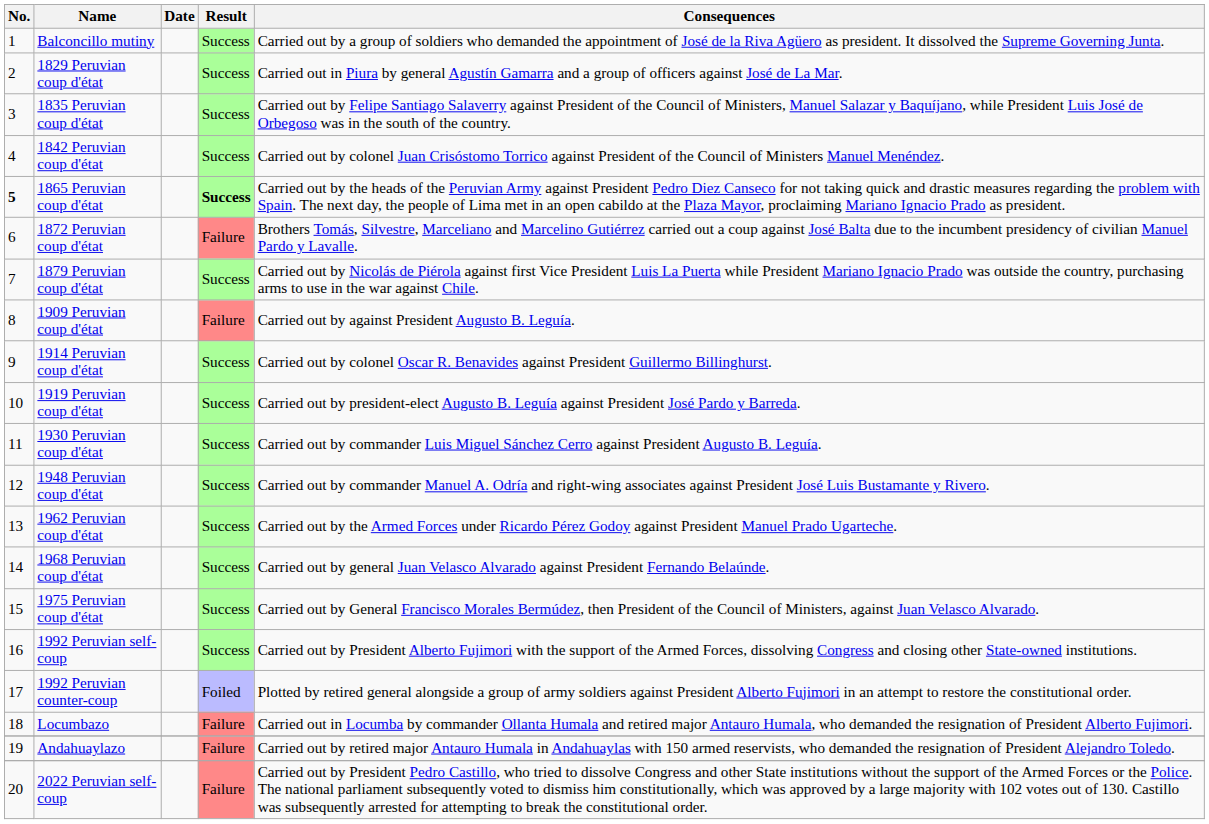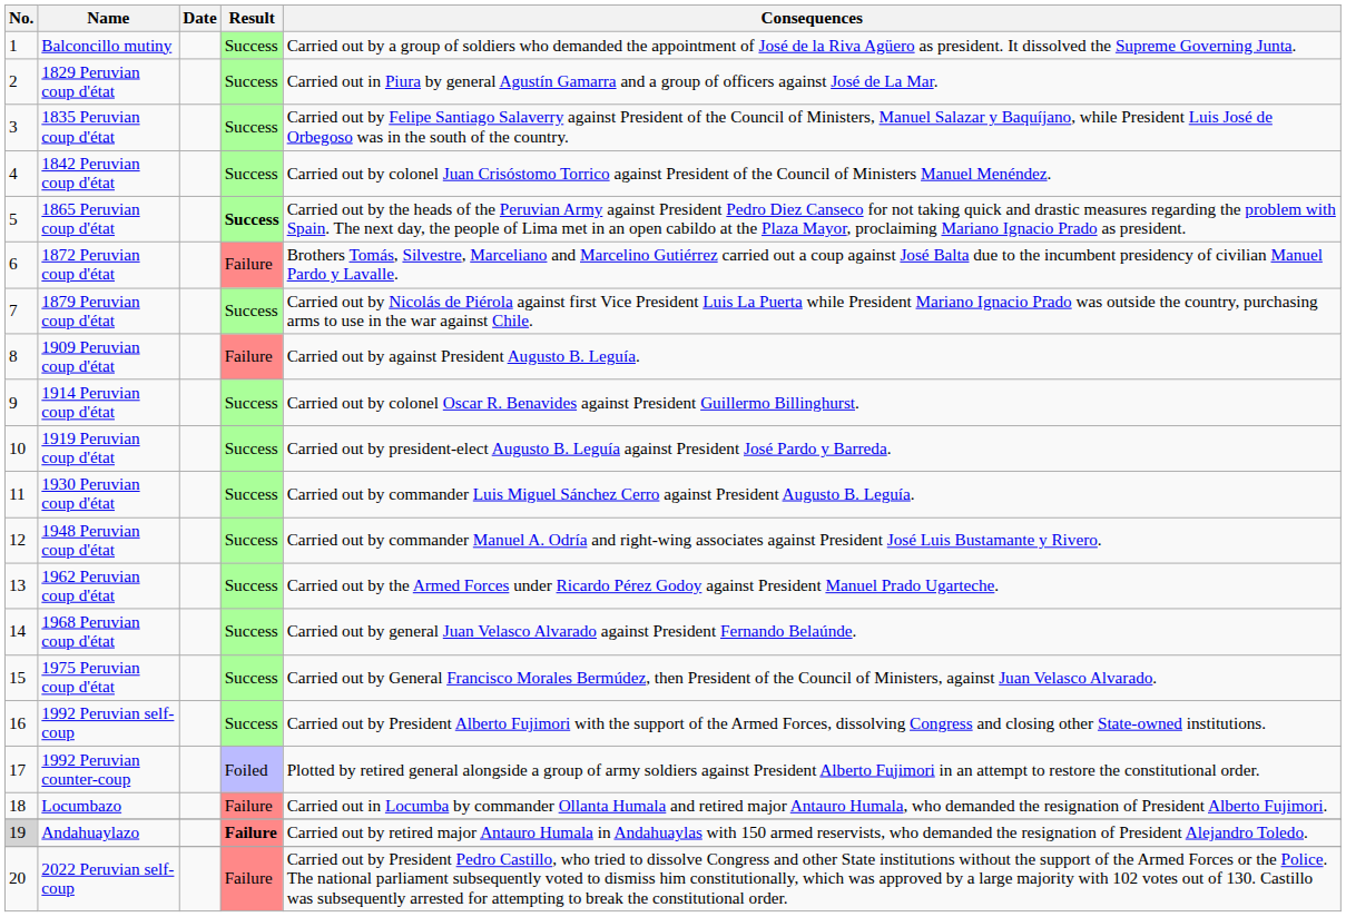 <table class="wikitable" border="1" width=100%>
 <tr>
 <th>No.</th>
 <th>Name</th>
 <th>Date</th>
 <th>Result</th>
 <th>Consequences</th>
 </tr>
 <tr>
 <td>1</td>
 <td><a href='#'>Balconcillo mutiny</a></td>
 <td></td>
 <td style="background:#AF9">Success</td>
 <td>Carried out by a group of soldiers who demanded the appointment of <a href='#'>José de la Riva Agüero</a> as president. It dissolved the <a href='#'>Supreme Governing Junta</a>.</td>
 </tr>
 <tr>
 <td>2</td>
 <td><a href='#'>1829 Peruvian coup d'état</a></td>
 <td></td>
 <td style="background:#AF9">Success</td>
 <td>Carried out in <a href='#'>Piura</a> by general <a href='#'>Agustín Gamarra</a> and a group of officers against <a href='#'>José de La Mar</a>.</td>
 </tr>
 <tr>
 <td>3</td>
 <td><a href='#'>1835 Peruvian coup d'état</a></td>
 <td></td>
 <td style="background:#AF9">Success</td>
 <td>Carried out by <a href='#'>Felipe Santiago Salaverry</a> against President of the Council of Ministers, <a href='#'>Manuel Salazar y Baquíjano</a>, while President <a href='#'>Luis José de Orbegoso</a> was in the south of the country.</td>
 </tr>
 <tr>
 <td>4</td>
 <td><a href='#'>1842 Peruvian coup d'état</a></td>
 <td></td>
 <td style="background:#AF9">Success</td>
 <td>Carried out by colonel <a href='#'>Juan Crisóstomo Torrico</a> against President of the Council of Ministers <a href='#'>Manuel Menéndez</a>.</td>
 </tr>
 <tr>
-<td><strong>5</strong></td>
+<td>5</td>
 <td><a href='#'>1865 Peruvian coup d'état</a></td>
 <td></td>
 <td style="background:#AF9"><strong>Success</strong></td>
 <td>Carried out by the heads of the <a href='#'>Peruvian Army</a> against President <a href='#'>Pedro Diez Canseco</a> for not taking quick and drastic measures regarding the <a href='#'>problem with Spain</a>. The next day, the people of Lima met in an open cabildo at the <a href='#'>Plaza Mayor</a>, proclaiming <a href='#'>Mariano Ignacio Prado</a> as president.</td>
 </tr>
 <tr>
 <td>6</td>
 <td><a href='#'>1872 Peruvian coup d'état</a></td>
 <td></td>
 <td style="background:#F88">Failure</td>
 <td>Brothers <a href='#'>Tomás</a>, <a href='#'>Silvestre</a>, <a href='#'>Marceliano</a> and <a href='#'>Marcelino Gutiérrez</a> carried out a coup against <a href='#'>José Balta</a> due to the incumbent presidency of civilian <a href='#'>Manuel Pardo y Lavalle</a>.</td>
 </tr>
 <tr>
 <td>7</td>
 <td><a href='#'>1879 Peruvian coup d'état</a></td>
 <td></td>
 <td style="background:#AF9">Success</td>
 <td>Carried out by <a href='#'>Nicolás de Piérola</a> against first Vice President <a href='#'>Luis La Puerta</a> while President <a href='#'>Mariano Ignacio Prado</a> was outside the country, purchasing arms to use in the war against <a href='#'>Chile</a>.</td>
 </tr>
 <tr>
 <td>8</td>
 <td><a href='#'>1909 Peruvian coup d'état</a></td>
 <td></td>
 <td style="background:#F88">Failure</td>
 <td>Carried out by  against President <a href='#'>Augusto B. Leguía</a>.</td>
 </tr>
 <tr>
 <td>9</td>
 <td><a href='#'>1914 Peruvian coup d'état</a></td>
 <td></td>
 <td style="background:#AF9">Success</td>
 <td>Carried out by colonel <a href='#'>Oscar R. Benavides</a> against President <a href='#'>Guillermo Billinghurst</a>.</td>
 </tr>
 <tr>
 <td>10</td>
 <td><a href='#'>1919 Peruvian coup d'état</a></td>
 <td></td>
 <td style="background:#AF9">Success</td>
 <td>Carried out by president-elect <a href='#'>Augusto B. Leguía</a> against President <a href='#'>José Pardo y Barreda</a>.</td>
 </tr>
 <tr>
 <td>11</td>
 <td><a href='#'>1930 Peruvian coup d'état</a></td>
 <td></td>
 <td style="background:#AF9">Success</td>
 <td>Carried out by commander <a href='#'>Luis Miguel Sánchez Cerro</a> against President <a href='#'>Augusto B. Leguía</a>.</td>
 </tr>
 <tr>
 <td>12</td>
 <td><a href='#'>1948 Peruvian coup d'état</a></td>
 <td></td>
 <td style="background:#AF9">Success</td>
 <td>Carried out by commander <a href='#'>Manuel A. Odría</a> and right-wing associates against President <a href='#'>José Luis Bustamante y Rivero</a>.</td>
 </tr>
 <tr>
 <td>13</td>
 <td><a href='#'>1962 Peruvian coup d'état</a></td>
 <td></td>
 <td style="background:#AF9">Success</td>
 <td>Carried out by the <a href='#'>Armed Forces</a> under <a href='#'>Ricardo Pérez Godoy</a> against President <a href='#'>Manuel Prado Ugarteche</a>.</td>
 </tr>
 <tr>
 <td>14</td>
 <td><a href='#'>1968 Peruvian coup d'état</a></td>
 <td></td>
 <td style="background:#AF9">Success</td>
 <td>Carried out by general <a href='#'>Juan Velasco Alvarado</a> against President <a href='#'>Fernando Belaúnde</a>.</td>
 </tr>
 <tr>
 <td>15</td>
 <td><a href='#'>1975 Peruvian coup d'état</a></td>
 <td></td>
 <td style="background:#AF9">Success</td>
 <td>Carried out by General <a href='#'>Francisco Morales Bermúdez</a>, then President of the Council of Ministers, against <a href='#'>Juan Velasco Alvarado</a>.</td>
 </tr>
 <tr>
 <td>16</td>
 <td><a href='#'>1992 Peruvian self-coup</a></td>
 <td></td>
 <td style="background:#AF9">Success</td>
 <td>Carried out by President <a href='#'>Alberto Fujimori</a> with the support of the Armed Forces, dissolving <a href='#'>Congress</a> and closing other <a href='#'>State-owned</a> institutions.</td>
 </tr>
 <tr>
 <td>17</td>
 <td><a href='#'>1992 Peruvian counter-coup</a></td>
 <td></td>
 <td style="background:#BBF">Foiled</td>
 <td>Plotted by retired general  alongside a group of army soldiers against President <a href='#'>Alberto Fujimori</a> in an attempt to restore the constitutional order.</td>
 </tr>
 <tr>
 <td>18</td>
 <td><a href='#'>Locumbazo</a></td>
 <td></td>
 <td style="background:#F88">Failure</td>
 <td>Carried out in <a href='#'>Locumba</a> by commander <a href='#'>Ollanta Humala</a> and retired major <a href='#'>Antauro Humala</a>, who demanded the resignation of President <a href='#'>Alberto Fujimori</a>.</td>
 </tr>
 <tr>
 </tr>
 <tr>
-<td>19</td>
+<td style="background: lightgrey;">19</td>
 <td><a href='#'>Andahuaylazo</a></td>
 <td></td>
-<td style="background:#F88">Failure</td>
+<td style="background:#F88"><strong>Failure</strong></td>
 <td>Carried out by retired major <a href='#'>Antauro Humala</a> in <a href='#'>Andahuaylas</a> with 150 armed reservists, who demanded the resignation of President <a href='#'>Alejandro Toledo</a>.</td>
 </tr>
 <tr>
 </tr>
 <tr>
 <td>20</td>
 <td><a href='#'>2022 Peruvian self-coup</a></td>
 <td></td>
 <td style="background:#F88">Failure</td>
 <td>Carried out by President <a href='#'>Pedro Castillo</a>, who tried to dissolve Congress and other State institutions without the support of the Armed Forces or the <a href='#'>Police</a>. The national parliament subsequently voted to dismiss him constitutionally, which was approved by a large majority with 102 votes out of 130. Castillo was subsequently arrested for attempting to break the constitutional order.</td>
 </tr>
 </table>
